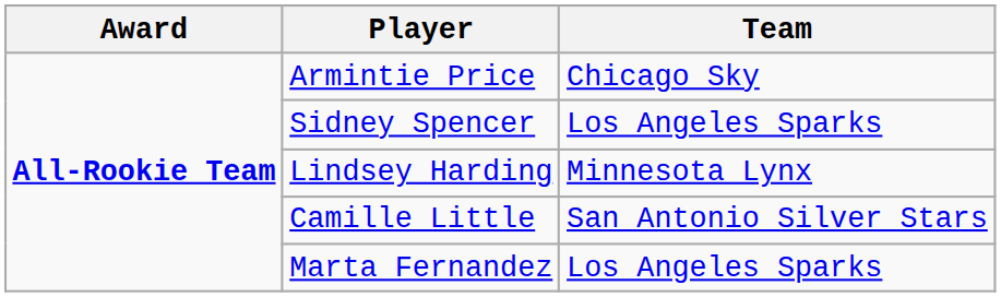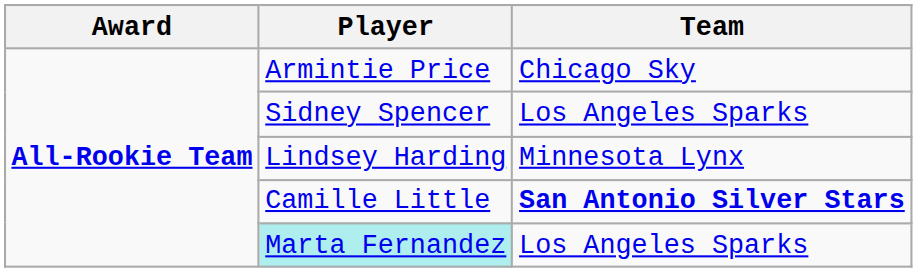 <table class="wikitable">
 <tr>
 <th>Award</th>
 <th>Player</th>
 <th>Team</th>
 </tr>
 <tr>
 <td rowspan=5><strong><a href='#'>All-Rookie Team</a></strong></td>
 <td><a href='#'>Armintie Price</a></td>
 <td><a href='#'>Chicago Sky</a></td>
 </tr>
 <tr>
 <td><a href='#'>Sidney Spencer</a></td>
 <td><a href='#'>Los Angeles Sparks</a></td>
 </tr>
 <tr>
 <td><a href='#'>Lindsey Harding</a></td>
 <td><a href='#'>Minnesota Lynx</a></td>
 </tr>
 <tr>
 <td><a href='#'>Camille Little</a></td>
-<td><a href='#'>San Antonio Silver Stars</a></td>
+<td><strong><a href='#'>San Antonio Silver Stars</a></strong></td>
 </tr>
 <tr>
-<td><a href='#'>Marta Fernandez</a></td>
+<td style="background: paleturquoise;"><a href='#'>Marta Fernandez</a></td>
 <td><a href='#'>Los Angeles Sparks</a></td>
 </tr>
 </table>
